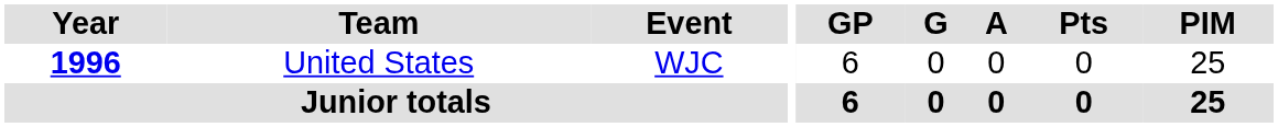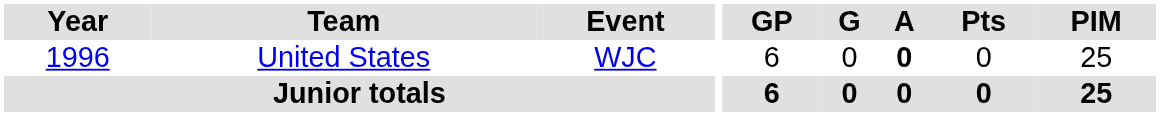 <table border="0" cellpadding="1" cellspacing="0" ID="Table3" style="text-align:center; width:40em">
 <tr bgcolor="#e0e0e0">
 <th>Year</th>
 <th>Team</th>
 <th>Event</th>
 <th rowspan="102" bgcolor="#ffffff"></th>
 <th>GP</th>
 <th>G</th>
 <th>A</th>
 <th>Pts</th>
 <th>PIM</th>
 </tr>
 <tr>
-<td><strong><a href='#'>1996</a></strong></td>
+<td><a href='#'>1996</a></td>
 <td><a href='#'>United States</a></td>
 <td><a href='#'>WJC</a></td>
 <td>6</td>
 <td>0</td>
-<td>0</td>
+<td><strong>0</strong></td>
 <td>0</td>
 <td>25</td>
 </tr>
 <tr bgcolor="#e0e0e0">
 <th colspan="3">Junior totals</th>
 <th>6</th>
 <th>0</th>
 <th>0</th>
 <th>0</th>
 <th>25</th>
 </tr>
 </table>
